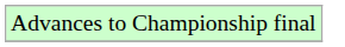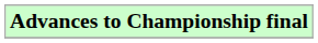 <table class="wikitable">
 <tr>
 </tr>
 <tr width=10px bgcolor=ccffcc>
-<td>Advances to Championship final</td>
+<td><strong>Advances to Championship final</strong></td>
 </tr>
 <tr>
 </tr>
 </table>
